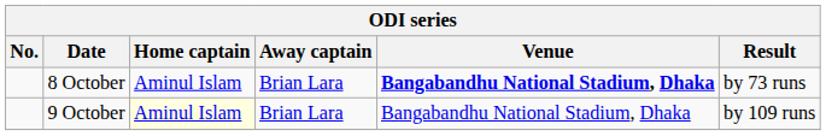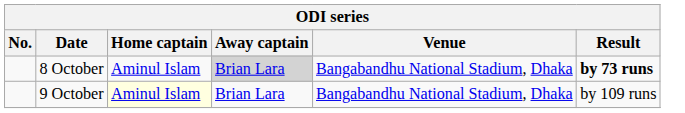 <table class="wikitable">
 <tr>
 <th colspan="9">ODI series</th>
 </tr>
 <tr>
 <th>No.</th>
 <th>Date</th>
 <th>Home captain</th>
 <th>Away captain</th>
 <th>Venue</th>
 <th>Result</th>
 </tr>
 <tr>
 <td></td>
 <td>8 October</td>
 <td><a href='#'>Aminul Islam</a></td>
-<td><a href='#'>Brian Lara</a></td>
-<td><strong><a href='#'>Bangabandhu National Stadium</a>, <a href='#'>Dhaka</a></strong></td>
-<td> by 73 runs</td>
+<td style="background: lightgrey;"><a href='#'>Brian Lara</a></td>
+<td><a href='#'>Bangabandhu National Stadium</a>, <a href='#'>Dhaka</a></td>
+<td><strong> by 73 runs</strong></td>
 </tr>
 <tr>
 <td></td>
 <td>9 October</td>
 <td style="background: lightyellow;"><a href='#'>Aminul Islam</a></td>
 <td><a href='#'>Brian Lara</a></td>
 <td><a href='#'>Bangabandhu National Stadium</a>, <a href='#'>Dhaka</a></td>
 <td> by 109 runs</td>
 </tr>
 <tr>
 </tr>
 </table>
